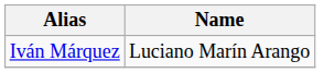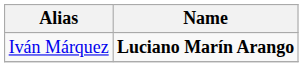 <table class="wikitable">
 <tr>
 <th>Alias</th>
 <th>Name</th>
 </tr>
 <tr>
 <td><a href='#'>Iván Márquez</a></td>
-<td>Luciano Marín Arango</td>
+<td><strong>Luciano Marín Arango</strong></td>
 </tr>
 <tr>
 </tr>
 </table>
